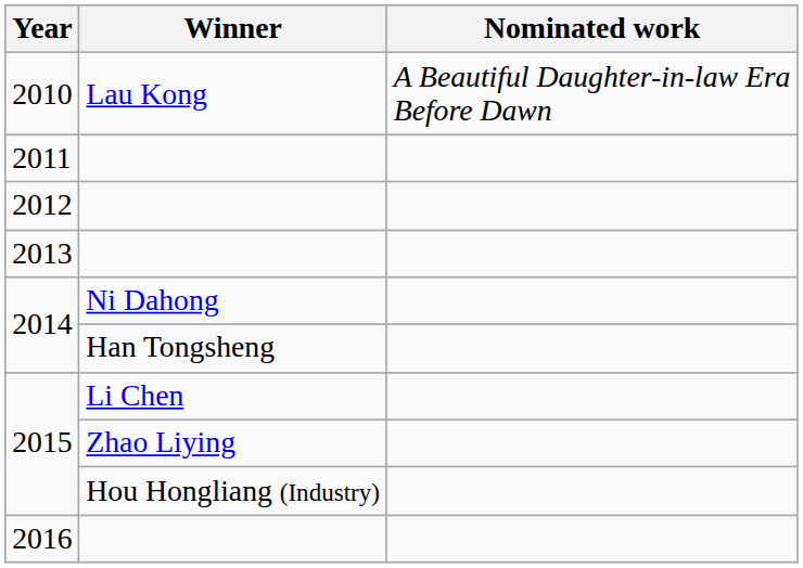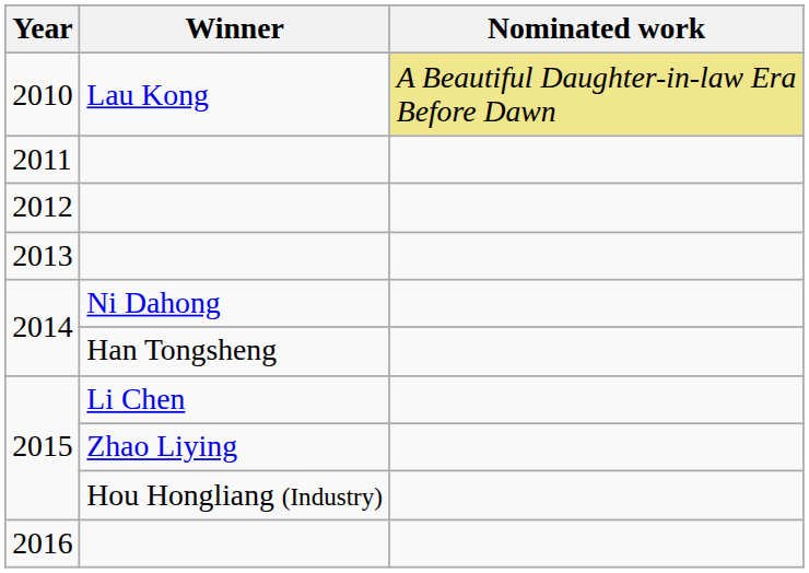 <table class="wikitable">
 <tr>
 <th>Year</th>
 <th>Winner</th>
 <th>Nominated work</th>
 </tr>
 <tr>
 <td>2010</td>
 <td><a href='#'>Lau Kong</a></td>
-<td><em>A Beautiful Daughter-in-law Era</em><br><em>Before Dawn</em></td>
+<td style="background: khaki;"><em>A Beautiful Daughter-in-law Era</em><br><em>Before Dawn</em></td>
 </tr>
 <tr>
 <td>2011</td>
 <td></td>
 <td></td>
 </tr>
 <tr>
 <td>2012</td>
 <td></td>
 <td></td>
 </tr>
 <tr>
 <td>2013</td>
 <td></td>
 <td></td>
 </tr>
 <tr>
 <td rowspan=2>2014</td>
 <td><a href='#'>Ni Dahong</a></td>
 <td></td>
 </tr>
 <tr>
 <td>Han Tongsheng</td>
 <td></td>
 </tr>
 <tr>
 <td ROWSPAN=3>2015</td>
 <td><a href='#'>Li Chen</a></td>
 <td></td>
 </tr>
 <tr>
 <td><a href='#'>Zhao Liying</a></td>
 <td></td>
 </tr>
 <tr>
 <td>Hou Hongliang <small>(Industry)</small></td>
 <td></td>
 </tr>
 <tr>
 <td>2016</td>
 <td></td>
 <td></td>
 </tr>
 </table>
